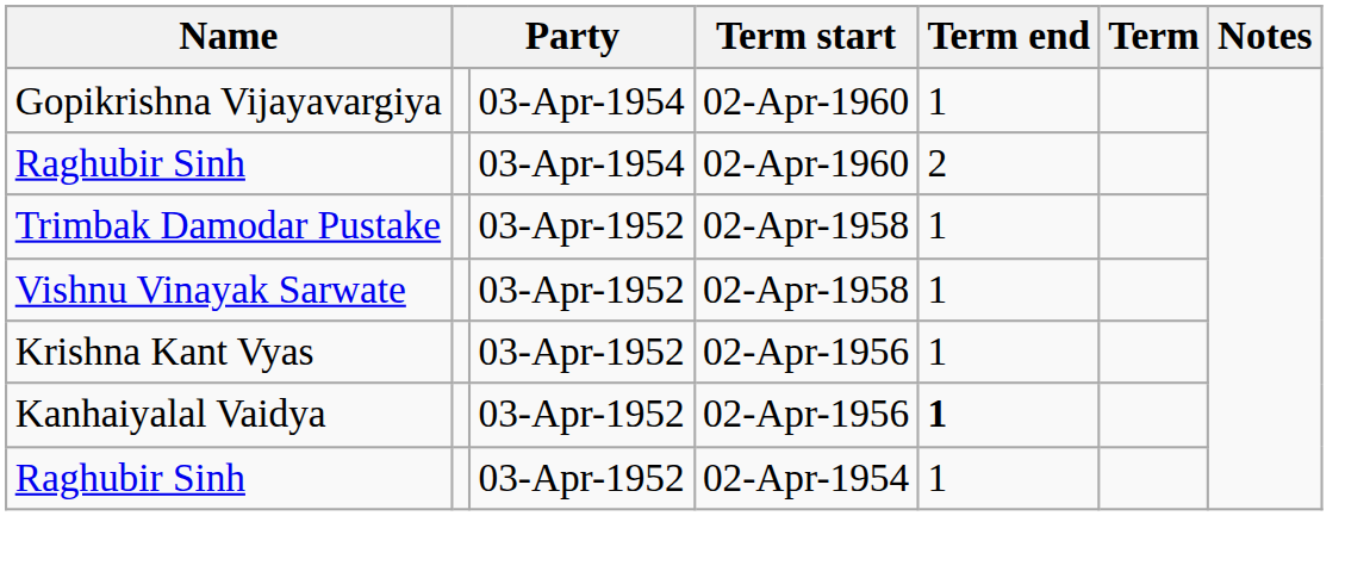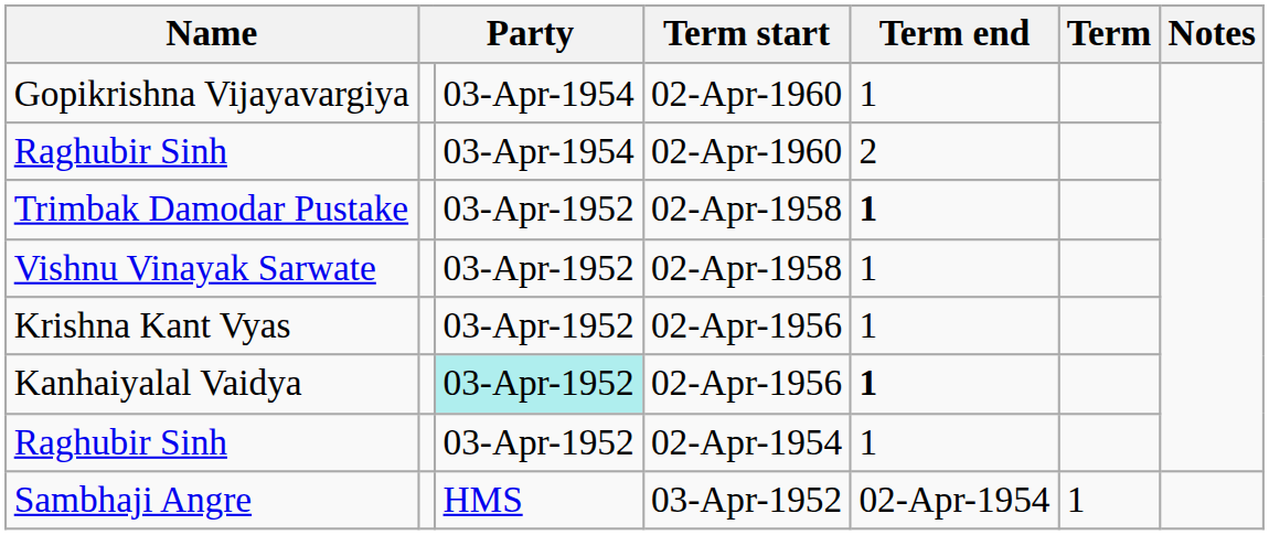 <table class="wikitable sortable">
 <tr>
 <th>Name</th>
 <th colspan="2">Party</th>
 <th>Term start</th>
 <th>Term end</th>
 <th>Term</th>
 <th>Notes</th>
 </tr>
 <tr>
 <td>Gopikrishna Vijayavargiya</td>
 <td></td>
 <td>03-Apr-1954</td>
 <td>02-Apr-1960</td>
 <td>1</td>
 <td></td>
 </tr>
 <tr>
 <td><a href='#'>Raghubir Sinh</a></td>
 <td></td>
 <td>03-Apr-1954</td>
 <td>02-Apr-1960</td>
 <td>2</td>
 <td></td>
 </tr>
 <tr>
 <td><a href='#'>Trimbak Damodar Pustake</a></td>
 <td></td>
 <td>03-Apr-1952</td>
 <td>02-Apr-1958</td>
-<td>1</td>
+<td><strong>1</strong></td>
 <td></td>
 </tr>
 <tr>
 <td><a href='#'>Vishnu Vinayak Sarwate</a></td>
 <td></td>
 <td>03-Apr-1952</td>
 <td>02-Apr-1958</td>
 <td>1</td>
 <td></td>
 </tr>
 <tr>
 <td>Krishna Kant Vyas</td>
 <td></td>
 <td>03-Apr-1952</td>
 <td>02-Apr-1956</td>
 <td>1</td>
 <td></td>
 </tr>
 <tr>
 <td>Kanhaiyalal Vaidya</td>
 <td></td>
-<td>03-Apr-1952</td>
+<td style="background: paleturquoise;">03-Apr-1952</td>
 <td>02-Apr-1956</td>
 <td><strong>1</strong></td>
 <td></td>
 </tr>
 <tr>
 <td><a href='#'>Raghubir Sinh</a></td>
 <td></td>
 <td>03-Apr-1952</td>
 <td>02-Apr-1954</td>
 <td>1</td>
 <td></td>
 </tr>
+<tr>
+<td><a href='#'>Sambhaji Angre</a></td>
+<td style="background-color: "></td>
+<td><a href='#'>HMS</a></td>
+<td>03-Apr-1952</td>
+<td>02-Apr-1954</td>
+<td>1</td>
+<td></td>
+</tr>
 </table>
